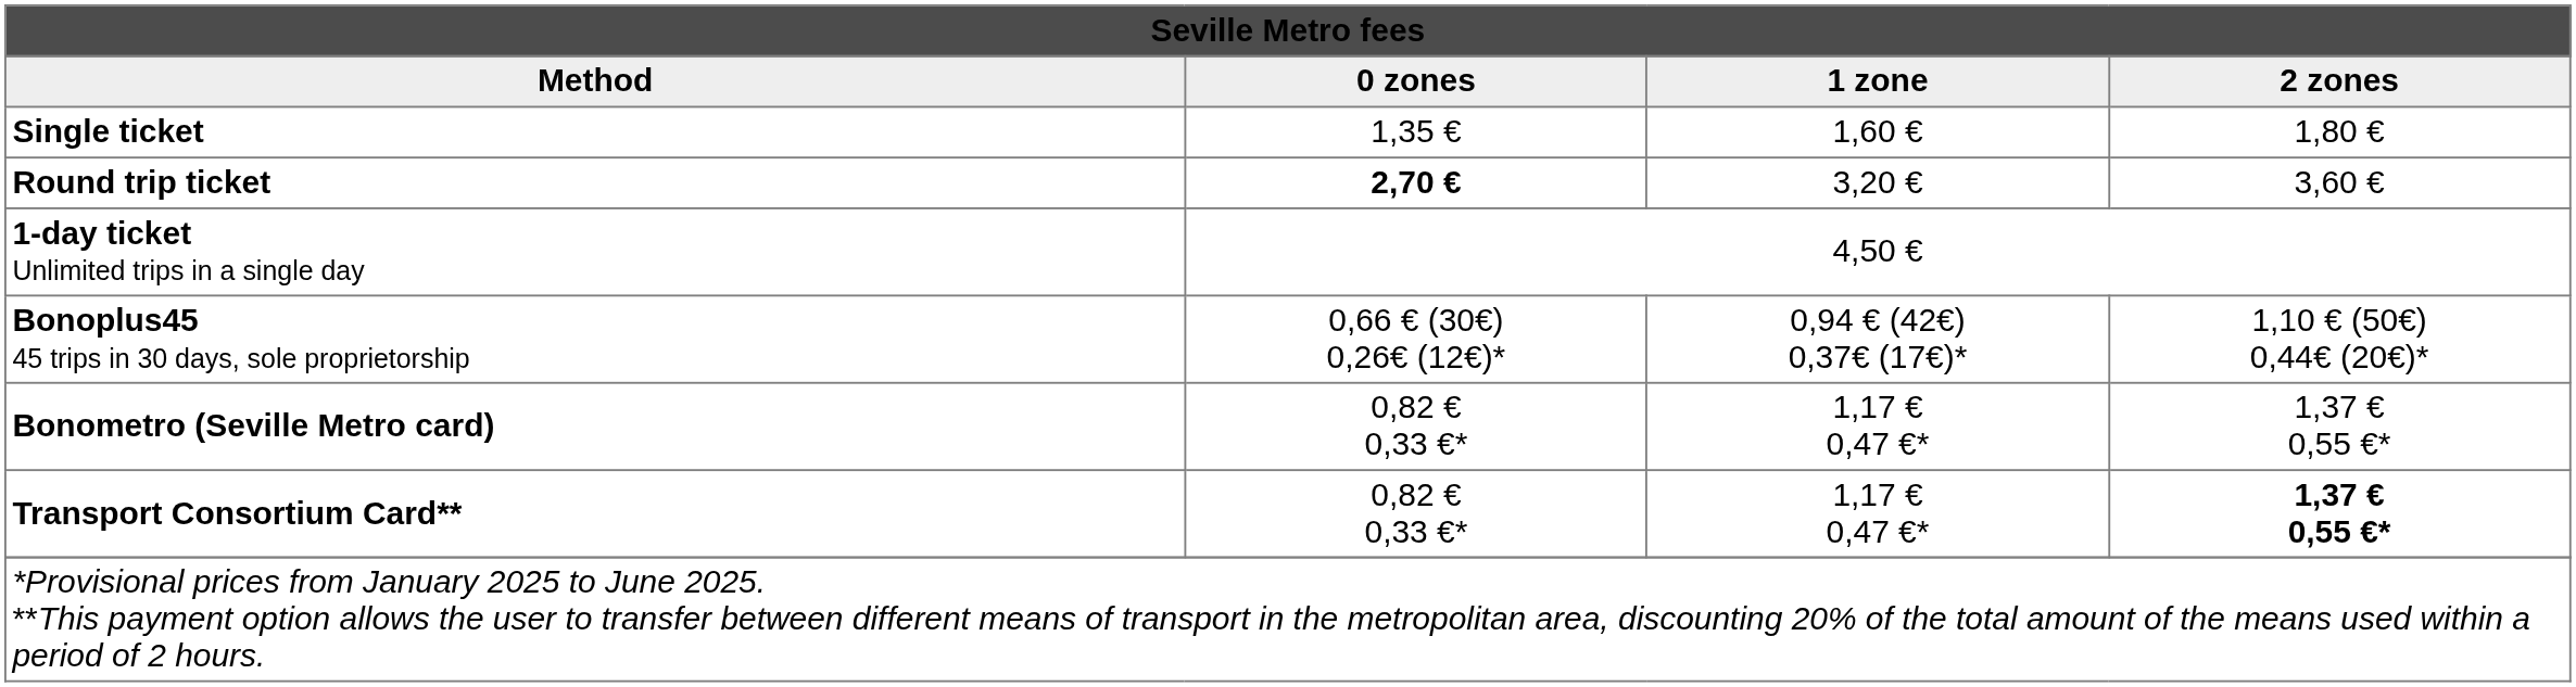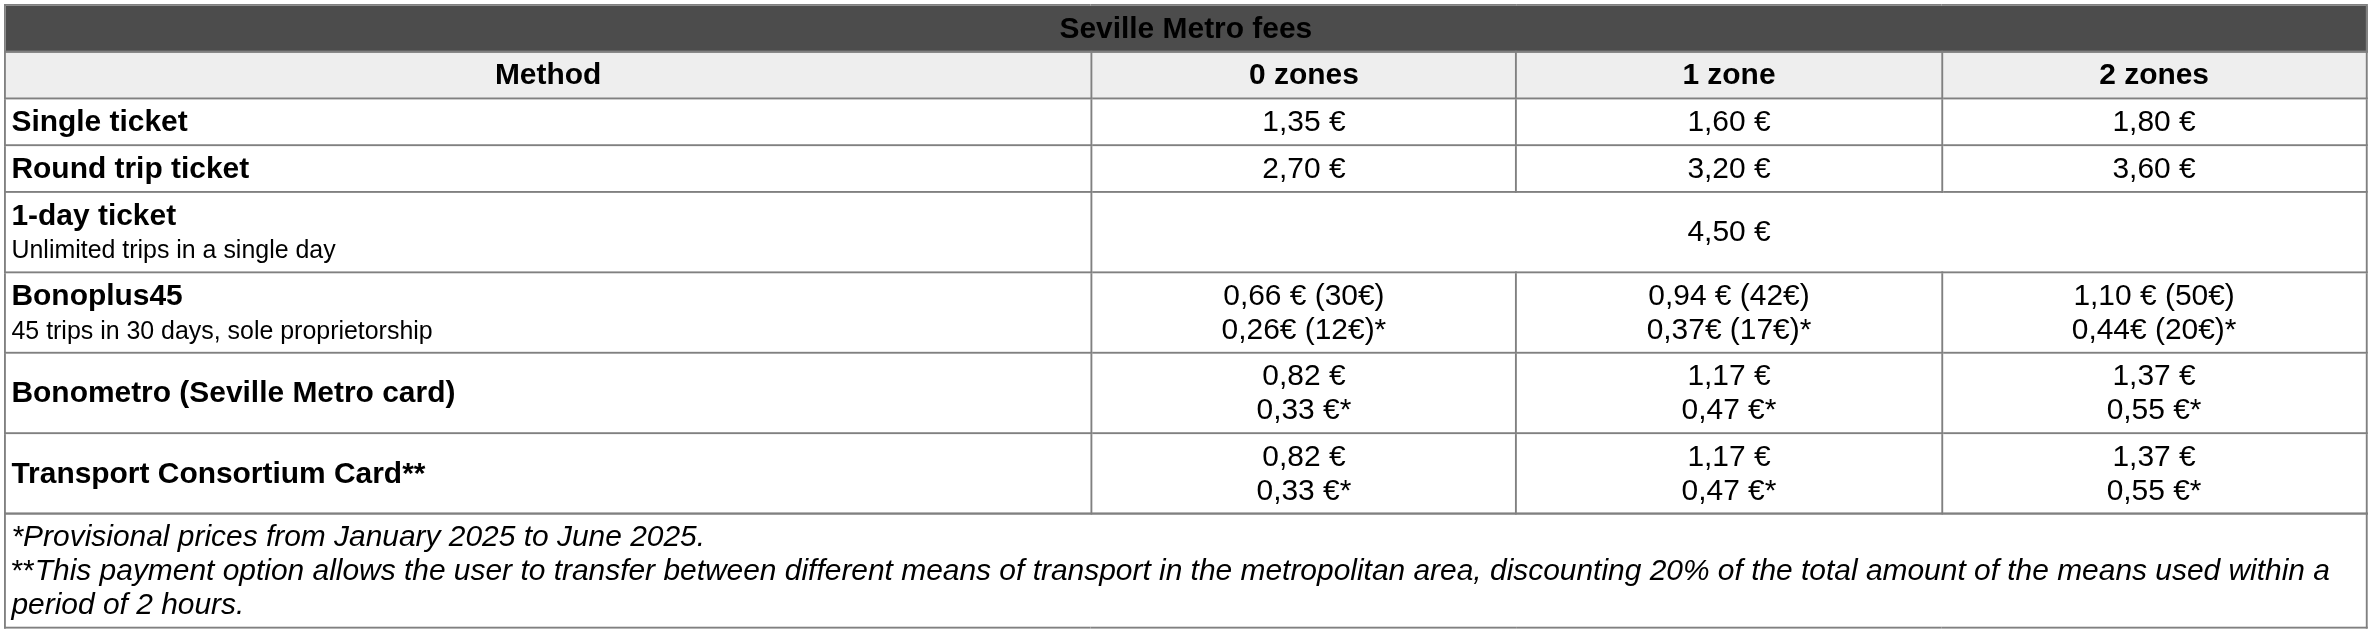 <table border="1" cellpadding="3" style="margin: 0 auto; border-collapse: collapse; text-align: center;">
 <tr style="text-align:center;" - bgcolor="#4c4c4c">
 <th colspan="4"> <span>Seville Metro fees</span></th>
 </tr>
 <tr style="text-align:center;">
 </tr>
 <tr style="background:#EEEEEE;">
 <th>Method</th>
 <th>0 zones</th>
 <th>1 zone</th>
 <th>2 zones</th>
 </tr>
 <tr style="text-align:left;">
 <td><strong>Single ticket</strong></td>
 <td style="text-align:center;">1,35 €</td>
 <td style="text-align:center;">1,60 €</td>
 <td style="text-align:center;">1,80 €</td>
 </tr>
 <tr style="text-align:left;">
 <td><strong>Round trip ticket</strong></td>
-<td style="text-align:center;"><strong>2,70 €</strong></td>
+<td style="text-align:center;">2,70 €</td>
 <td style="text-align:center;">3,20 €</td>
 <td style="text-align:center;">3,60 €</td>
 </tr>
 <tr style="text-align:left;">
 <td><strong>1-day ticket</strong><br><small>Unlimited trips in a single day</small></td>
 <td colspan="3" style="text-align:center;">4,50 €</td>
 </tr>
 <tr style="text-align:left;">
 <td><strong>Bonoplus45</strong><br><small>45 trips in 30 days, sole proprietorship</small></td>
 <td style="text-align:center;">0,66 € (30€)<br>0,26€ (12€)*</td>
 <td style="text-align:center;">0,94 € (42€)<br>0,37€ (17€)*</td>
 <td style="text-align:center;">1,10 € (50€)<br>0,44€ (20€)*</td>
 </tr>
 <tr style="text-align:left;">
 <td><strong>Bonometro (Seville Metro card)</strong></td>
 <td style="text-align:center;">0,82 €<br>0,33 €*</td>
 <td style="text-align:center;">1,17 €<br>0,47 €*</td>
 <td style="text-align:center;">1,37 €<br>0,55 €*</td>
 </tr>
 <tr style="text-align:left;">
 <td><strong>Transport Consortium Card**</strong></td>
 <td style="text-align:center;">0,82 €<br>0,33 €*</td>
 <td style="text-align:center;">1,17 €<br>0,47 €*</td>
-<td style="text-align:center;"><strong>1,37 €<br>0,55 €*</strong></td>
+<td style="text-align:center;">1,37 €<br>0,55 €*</td>
 </tr>
 <tr style="text-align:left;">
 </tr>
 <tr style="text-align:left;">
 <td colspan="4"><em>*Provisional prices from January 2025 to June 2025.</em><br>**<em>This payment option allows the user to transfer between different means of transport in the metropolitan area, discounting 20% of the total amount of the means used within a period of 2 hours.</em></td>
 </tr>
 </table>
